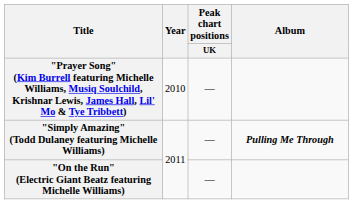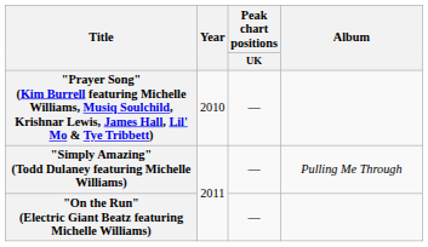 <table class="wikitable plainrowheaders" style="text-align:center;" border="1">
 <tr>
 <th scope="col" rowspan="2" style="width:15em;">Title</th>
 <th scope="col" rowspan="2" style="width:1em;">Year</th>
 <th scope="col" colspan="1">Peak chart positions</th>
 <th scope="col" rowspan="2" style="width:11em;">Album</th>
 </tr>
 <tr>
 <th scope="col" style="width:3em;font-size:85%;">UK<br></th>
 </tr>
 <tr>
 <th scope="row">"Prayer Song" <br><span>(<a href='#'>Kim Burrell</a> featuring Michelle Williams, <a href='#'>Musiq Soulchild</a>, Krishnar Lewis, <a href='#'>James Hall</a>, <a href='#'>Lil' Mo</a> & <a href='#'>Tye Tribbett</a>)</span></th>
 <td>2010</td>
 <td>—</td>
 <td></td>
 </tr>
 <tr>
 <th scope="row">"Simply Amazing" <br><span>(Todd Dulaney featuring Michelle Williams)</span></th>
 <td rowspan="2">2011</td>
 <td>—</td>
-<td><strong><em>Pulling Me Through</em></strong></td>
+<td><em>Pulling Me Through</em></td>
 </tr>
 <tr>
 <th scope="row">"On the Run" <br><span>(Electric Giant Beatz featuring Michelle Williams)</span></th>
 <td>—</td>
 <td></td>
 </tr>
 </table>
